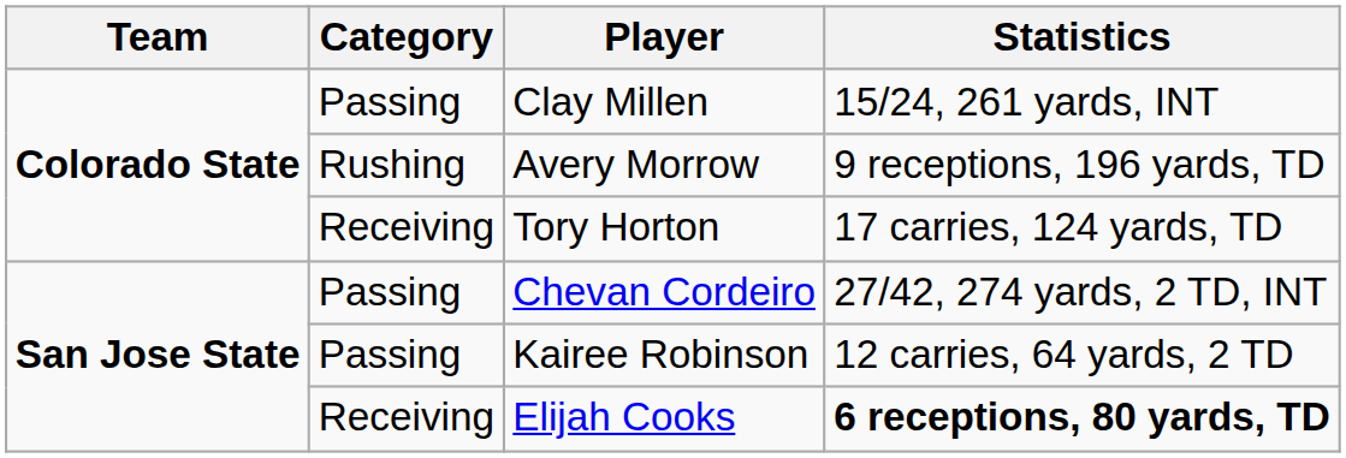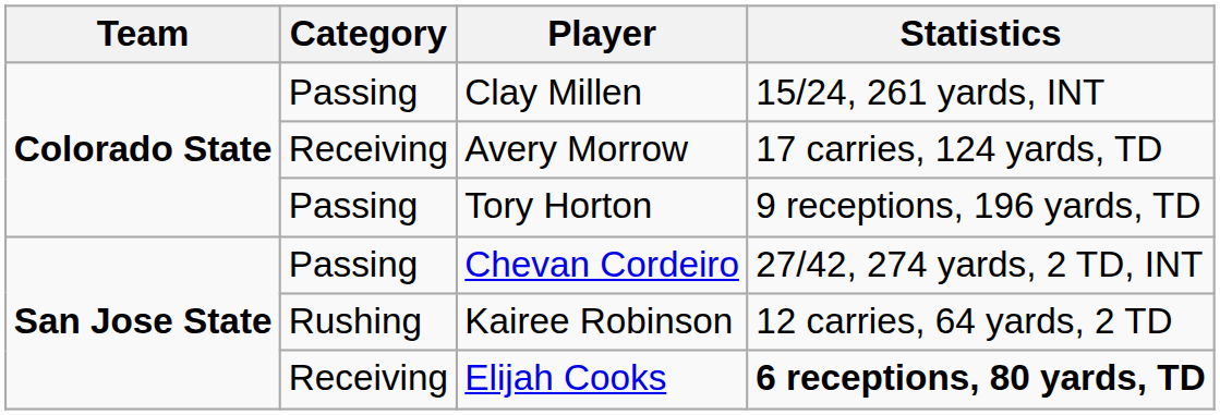 <table class="wikitable" style="float: left;">
 <tr>
 <th>Team</th>
 <th>Category</th>
 <th>Player</th>
 <th>Statistics</th>
 </tr>
 <tr>
 <td rowspan=3><strong>Colorado State</strong></td>
 <td>Passing</td>
 <td>Clay Millen</td>
 <td>15/24, 261 yards, INT</td>
 </tr>
 <tr>
-<td>Rushing</td>
+<td>Receiving</td>
 <td>Avery Morrow</td>
-<td>9 receptions, 196 yards, TD</td>
+<td>17 carries, 124 yards, TD</td>
 </tr>
 <tr>
-<td>Receiving</td>
+<td>Passing</td>
 <td>Tory Horton</td>
-<td>17 carries, 124 yards, TD</td>
+<td>9 receptions, 196 yards, TD</td>
 </tr>
 <tr>
 <td rowspan=3><strong>San Jose State</strong></td>
 <td>Passing</td>
 <td><a href='#'>Chevan Cordeiro</a></td>
 <td>27/42, 274 yards, 2 TD, INT</td>
 </tr>
 <tr>
-<td>Passing</td>
+<td>Rushing</td>
 <td>Kairee Robinson</td>
 <td>12 carries, 64 yards, 2 TD</td>
 </tr>
 <tr>
 <td>Receiving</td>
 <td><a href='#'>Elijah Cooks</a></td>
 <td><strong>6 receptions, 80 yards, TD</strong></td>
 </tr>
 </table>
